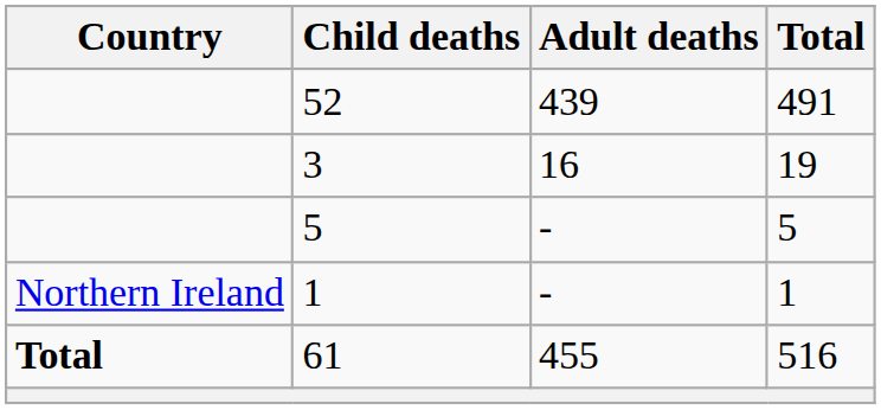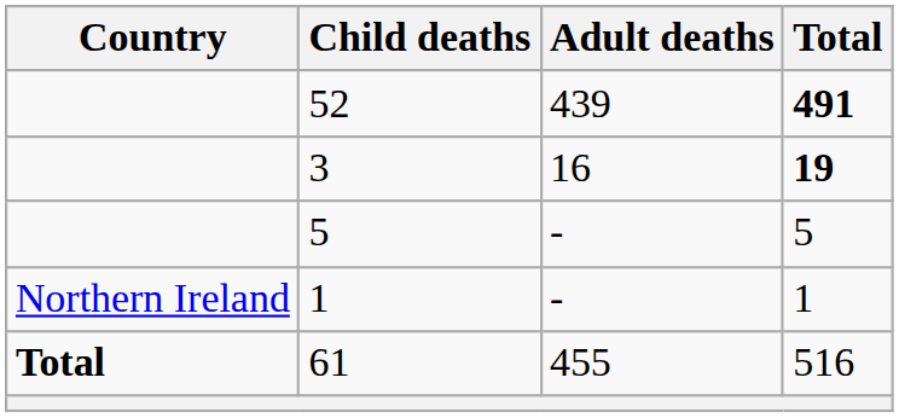 <table class="wikitable sortable">
 <tr>
 <th>Country</th>
 <th>Child deaths</th>
 <th>Adult deaths</th>
 <th>Total</th>
 </tr>
 <tr>
 <td></td>
 <td>52</td>
 <td>439</td>
-<td>491</td>
+<td><strong>491</strong></td>
 </tr>
 <tr>
 <td></td>
 <td>3</td>
 <td>16</td>
-<td>19</td>
+<td><strong>19</strong></td>
 </tr>
 <tr>
 <td></td>
 <td>5</td>
 <td>-</td>
 <td>5</td>
 </tr>
 <tr>
 <td><a href='#'>Northern Ireland</a></td>
 <td>1</td>
 <td>-</td>
 <td>1</td>
 </tr>
 <tr>
 <td> <strong>Total</strong></td>
 <td>61</td>
 <td>455</td>
 <td>516</td>
 </tr>
 <tr>
 <th colspan="4" style="text-align:center; font-size:8pt;"></th>
 </tr>
 </table>
